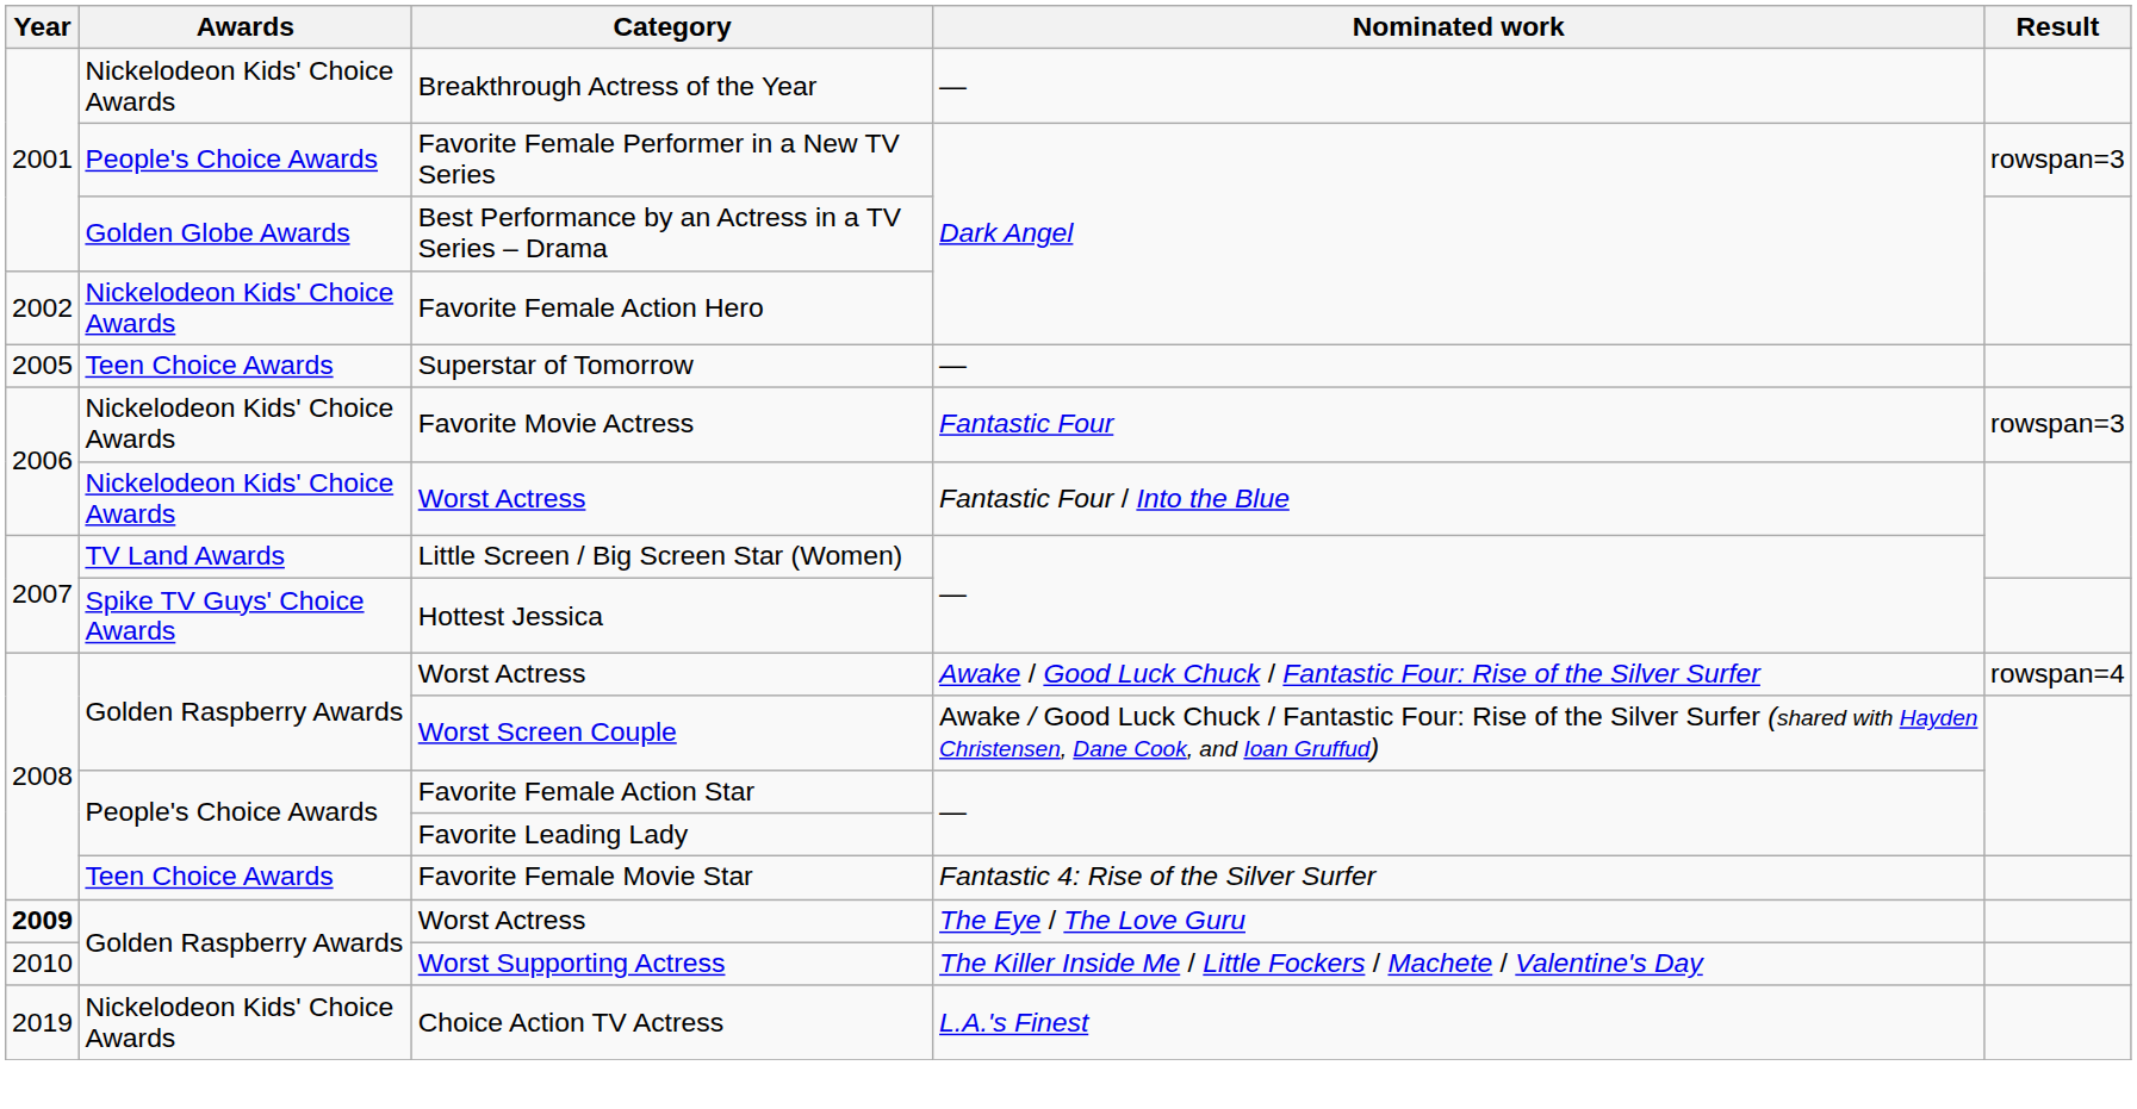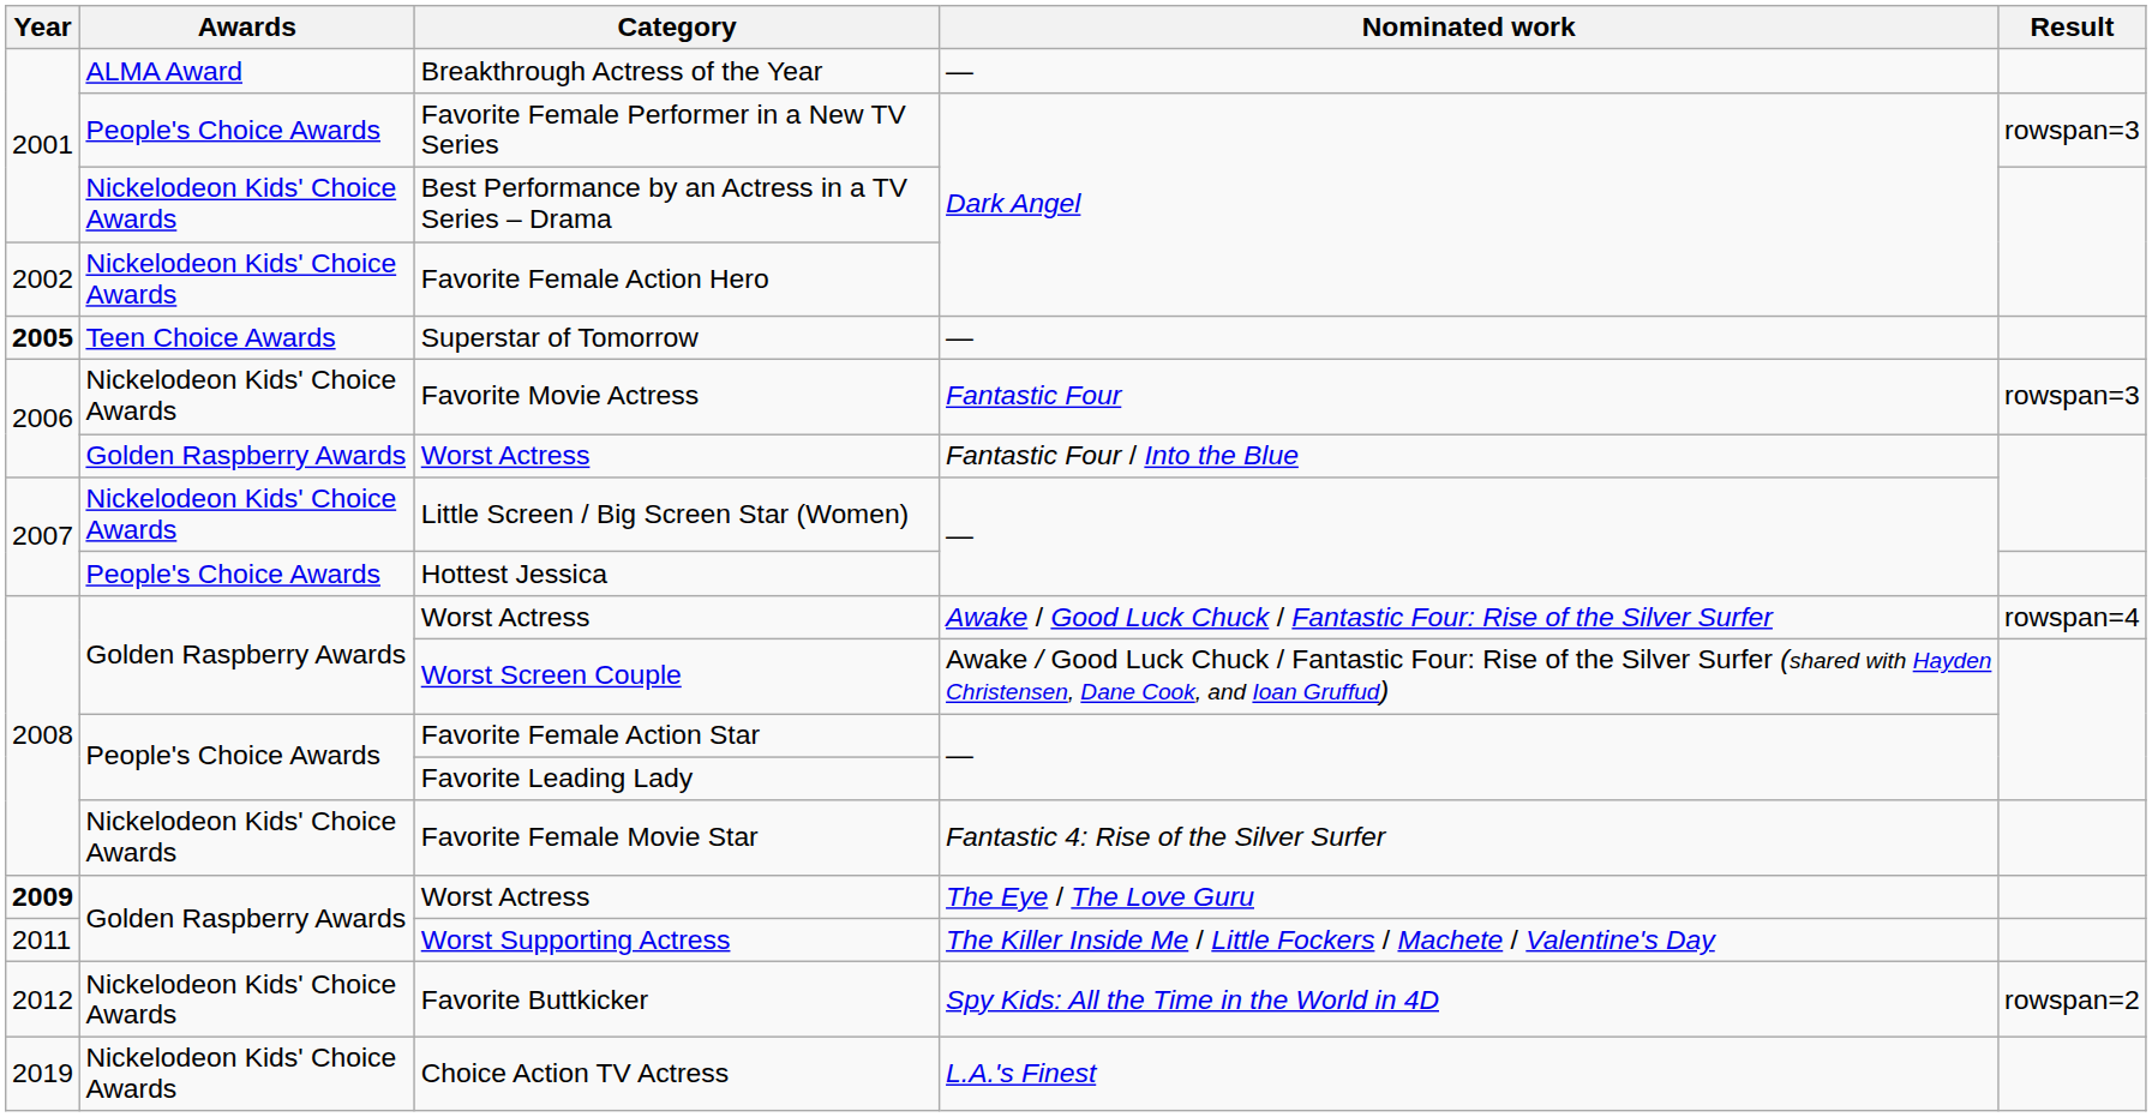 <table class="wikitable">
 <tr>
 <th>Year</th>
 <th>Awards</th>
 <th>Category</th>
 <th>Nominated work</th>
 <th>Result</th>
 </tr>
 <tr>
 <td rowspan=3>2001</td>
-<td>Nickelodeon Kids' Choice Awards</td>
+<td><a href='#'>ALMA Award</a></td>
 <td>Breakthrough Actress of the Year</td>
 <td>—</td>
 <td></td>
 </tr>
 <tr>
 <td><a href='#'>People's Choice Awards</a></td>
 <td>Favorite Female Performer in a New TV Series</td>
 <td rowspan=3><em><a href='#'>Dark Angel</a></em></td>
 <td>rowspan=3 </td>
 </tr>
 <tr>
-<td><a href='#'>Golden Globe Awards</a></td>
+<td><a href='#'>Nickelodeon Kids' Choice Awards</a></td>
 <td>Best Performance by an Actress in a TV Series – Drama</td>
 </tr>
 <tr>
 <td>2002</td>
 <td><a href='#'>Nickelodeon Kids' Choice Awards</a></td>
 <td>Favorite Female Action Hero</td>
 </tr>
 <tr>
-<td>2005</td>
+<td><strong>2005</strong></td>
 <td><a href='#'>Teen Choice Awards</a></td>
 <td>Superstar of Tomorrow</td>
 <td>—</td>
 <td></td>
 </tr>
 <tr>
 <td rowspan=2>2006</td>
 <td>Nickelodeon Kids' Choice Awards</td>
 <td>Favorite Movie Actress</td>
 <td><em><a href='#'>Fantastic Four</a></em></td>
 <td>rowspan=3 </td>
 </tr>
 <tr>
-<td><a href='#'>Nickelodeon Kids' Choice Awards</a></td>
+<td><a href='#'>Golden Raspberry Awards</a></td>
 <td><a href='#'>Worst Actress</a></td>
 <td><em>Fantastic Four</em> / <em><a href='#'>Into the Blue</a></em></td>
 </tr>
 <tr>
 <td rowspan=2>2007</td>
-<td><a href='#'>TV Land Awards</a></td>
+<td><a href='#'>Nickelodeon Kids' Choice Awards</a></td>
 <td>Little Screen / Big Screen Star (Women)</td>
 <td rowspan=2>—</td>
 </tr>
 <tr>
-<td><a href='#'>Spike TV Guys' Choice Awards</a></td>
+<td><a href='#'>People's Choice Awards</a></td>
 <td>Hottest Jessica</td>
 <td></td>
 </tr>
 <tr>
 <td rowspan=5>2008</td>
 <td rowspan=2>Golden Raspberry Awards</td>
 <td>Worst Actress</td>
 <td><em><a href='#'>Awake</a></em> / <em><a href='#'>Good Luck Chuck</a></em> / <em><a href='#'>Fantastic Four: Rise of the Silver Surfer</a></em></td>
 <td>rowspan=4 </td>
 </tr>
 <tr>
 <td><a href='#'>Worst Screen Couple</a></td>
 <td>Awake<em> / </em>Good Luck Chuck / Fantastic Four: Rise of the Silver Surfer<em> (<small>shared with <a href='#'>Hayden Christensen</a>, <a href='#'>Dane Cook</a>, and <a href='#'>Ioan Gruffud</a></small>)</em></td>
 </tr>
 <tr>
 <td rowspan=2>People's Choice Awards</td>
 <td>Favorite Female Action Star</td>
 <td rowspan=2>—</td>
 </tr>
 <tr>
 <td>Favorite Leading Lady</td>
 </tr>
 <tr>
-<td><a href='#'>Teen Choice Awards</a></td>
+<td>Nickelodeon Kids' Choice Awards</td>
 <td>Favorite Female Movie Star</td>
 <td><em>Fantastic 4: Rise of the Silver Surfer</em></td>
 <td></td>
 </tr>
 <tr>
 <td><strong>2009</strong></td>
 <td rowspan=2>Golden Raspberry Awards</td>
 <td>Worst Actress</td>
 <td><em><a href='#'>The Eye</a></em> / <em><a href='#'>The Love Guru</a></em></td>
 <td></td>
 </tr>
 <tr>
-<td>2010</td>
+<td>2011</td>
 <td><a href='#'>Worst Supporting Actress</a></td>
 <td><em><a href='#'>The Killer Inside Me</a></em> / <em><a href='#'>Little Fockers</a></em> / <em><a href='#'>Machete</a></em> / <em><a href='#'>Valentine's Day</a></em></td>
 <td></td>
+</tr>
+<tr>
+<td>2012</td>
+<td>Nickelodeon Kids' Choice Awards</td>
+<td>Favorite Buttkicker</td>
+<td><em><a href='#'>Spy Kids: All the Time in the World in 4D</a></em></td>
+<td>rowspan=2 </td>
 </tr>
 <tr>
 <td>2019</td>
 <td>Nickelodeon Kids' Choice Awards</td>
 <td>Choice Action TV Actress</td>
 <td><em><a href='#'>L.A.'s Finest</a></em></td>
 </tr>
 </table>
